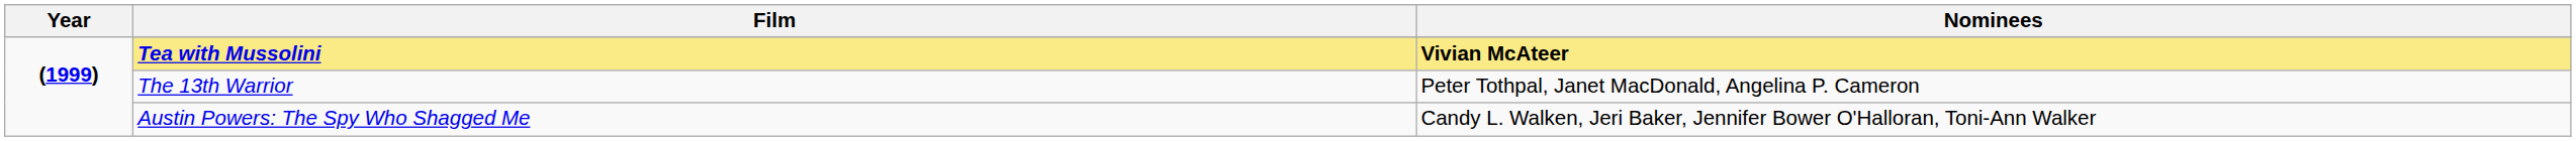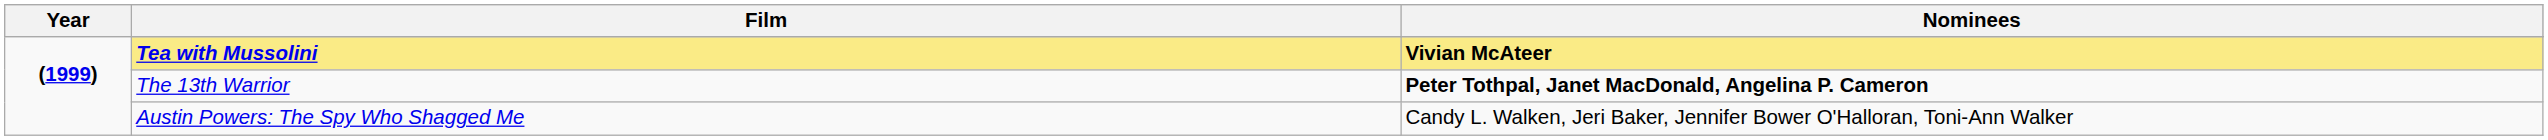 <table class="wikitable" style="width:100%">
 <tr bgcolor="#bebebe">
 <th width="5%">Year</th>
 <th width="50%">Film</th>
 <th width="45%">Nominees</th>
 </tr>
 <tr>
 <td rowspan=4 style="text-align:center"><strong>(<a href='#'>1999</a>)</strong><br> <br> </td>
 </tr>
 <tr style="background:#FAEB86">
 <td><strong><em><a href='#'>Tea with Mussolini</a></em></strong></td>
 <td><strong>Vivian McAteer</strong></td>
 </tr>
 <tr>
 <td><em><a href='#'>The 13th Warrior</a></em></td>
-<td>Peter Tothpal, Janet MacDonald, Angelina P. Cameron</td>
+<td><strong>Peter Tothpal, Janet MacDonald, Angelina P. Cameron</strong></td>
 </tr>
 <tr>
 <td><em><a href='#'>Austin Powers: The Spy Who Shagged Me</a></em></td>
 <td>Candy L. Walken, Jeri Baker, Jennifer Bower O'Halloran, Toni-Ann Walker</td>
 </tr>
 </table>
